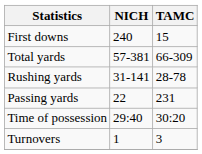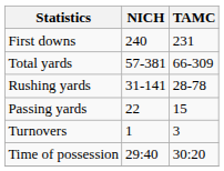 <table class="wikitable" style="float: left;">
 <tr>
 <th>Statistics</th>
 <th>NICH</th>
 <th>TAMC</th>
 </tr>
 <tr>
 <td>First downs</td>
 <td>240</td>
-<td>15</td>
+<td>231</td>
 </tr>
 <tr>
 <td>Total yards</td>
 <td>57-381</td>
 <td>66-309</td>
 </tr>
 <tr>
 <td>Rushing yards</td>
 <td>31-141</td>
 <td>28-78</td>
 </tr>
 <tr>
 <td>Passing yards</td>
 <td>22</td>
-<td>231</td>
+<td>15</td>
+</tr>
+<tr>
+<td>Turnovers</td>
+<td>1</td>
+<td>3</td>
 </tr>
 <tr>
 <td>Time of possession</td>
 <td>29:40</td>
 <td>30:20</td>
 </tr>
 <tr>
-<td>Turnovers</td>
-<td>1</td>
-<td>3</td>
-</tr>
-<tr>
 </tr>
 </table>
